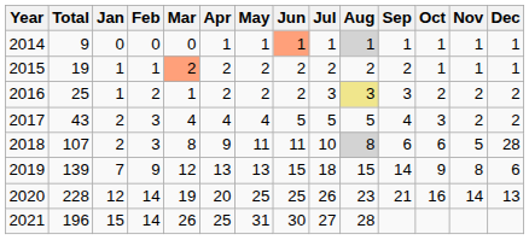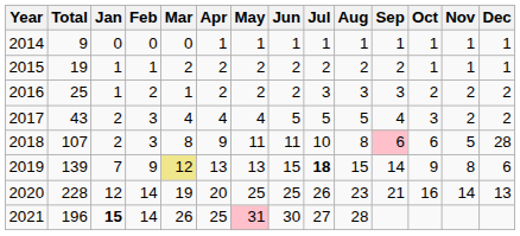 <table class="wikitable" style="text-align:right;">
 <tr>
 <th>Year</th>
 <th>Total</th>
 <th>Jan</th>
 <th>Feb</th>
 <th>Mar</th>
 <th>Apr</th>
 <th>May</th>
 <th>Jun</th>
 <th>Jul</th>
 <th>Aug</th>
 <th>Sep</th>
 <th>Oct</th>
 <th>Nov</th>
 <th>Dec</th>
 </tr>
 <tr align=right>
 <td>2014</td>
 <td>9</td>
 <td>0</td>
 <td>0</td>
 <td>0</td>
 <td>1</td>
 <td>1</td>
-<td style="background: lightsalmon;">1</td>
 <td>1</td>
-<td style="background: lightgrey;">1</td>
+<td>1</td>
+<td>1</td>
 <td>1</td>
 <td>1</td>
 <td>1</td>
 <td>1</td>
 </tr>
 <tr align=right>
 <td>2015</td>
 <td>19</td>
 <td>1</td>
 <td>1</td>
-<td style="background: lightsalmon;">2</td>
+<td>2</td>
 <td>2</td>
 <td>2</td>
 <td>2</td>
 <td>2</td>
 <td>2</td>
 <td>2</td>
 <td>1</td>
 <td>1</td>
 <td>1</td>
 </tr>
 <tr align=right>
 <td>2016</td>
 <td>25</td>
 <td>1</td>
 <td>2</td>
 <td>1</td>
 <td>2</td>
 <td>2</td>
 <td>2</td>
 <td>3</td>
-<td style="background: khaki;">3</td>
+<td>3</td>
 <td>3</td>
 <td>2</td>
 <td>2</td>
 <td>2</td>
 </tr>
 <tr align=right>
 <td>2017</td>
 <td>43</td>
 <td>2</td>
 <td>3</td>
 <td>4</td>
 <td>4</td>
 <td>4</td>
 <td>5</td>
 <td>5</td>
 <td>5</td>
 <td>4</td>
 <td>3</td>
 <td>2</td>
 <td>2</td>
 </tr>
 <tr align=right>
 <td>2018</td>
 <td>107</td>
 <td>2</td>
 <td>3</td>
 <td>8</td>
 <td>9</td>
 <td>11</td>
 <td>11</td>
 <td>10</td>
-<td style="background: lightgrey;">8</td>
-<td>6</td>
+<td>8</td>
+<td style="background: pink;">6</td>
 <td>6</td>
 <td>5</td>
 <td>28</td>
 </tr>
 <tr align=right>
 <td>2019</td>
 <td>139</td>
 <td>7</td>
 <td>9</td>
-<td>12</td>
+<td style="background: khaki;">12</td>
 <td>13</td>
 <td>13</td>
 <td>15</td>
-<td>18</td>
+<td><strong>18</strong></td>
 <td>15</td>
 <td>14</td>
 <td>9</td>
 <td>8</td>
 <td>6</td>
 </tr>
 <tr align=right>
 <td>2020</td>
 <td>228</td>
 <td>12</td>
 <td>14</td>
 <td>19</td>
 <td>20</td>
 <td>25</td>
 <td>25</td>
 <td>26</td>
 <td>23</td>
 <td>21</td>
 <td>16</td>
 <td>14</td>
 <td>13</td>
 </tr>
 <tr align=right>
 <td>2021</td>
 <td>196</td>
-<td>15</td>
+<td><strong>15</strong></td>
 <td>14</td>
 <td>26</td>
 <td>25</td>
-<td>31</td>
+<td style="background: pink;">31</td>
 <td>30</td>
 <td>27</td>
 <td>28</td>
 <td></td>
 <td></td>
 <td></td>
 </tr>
 </table>
